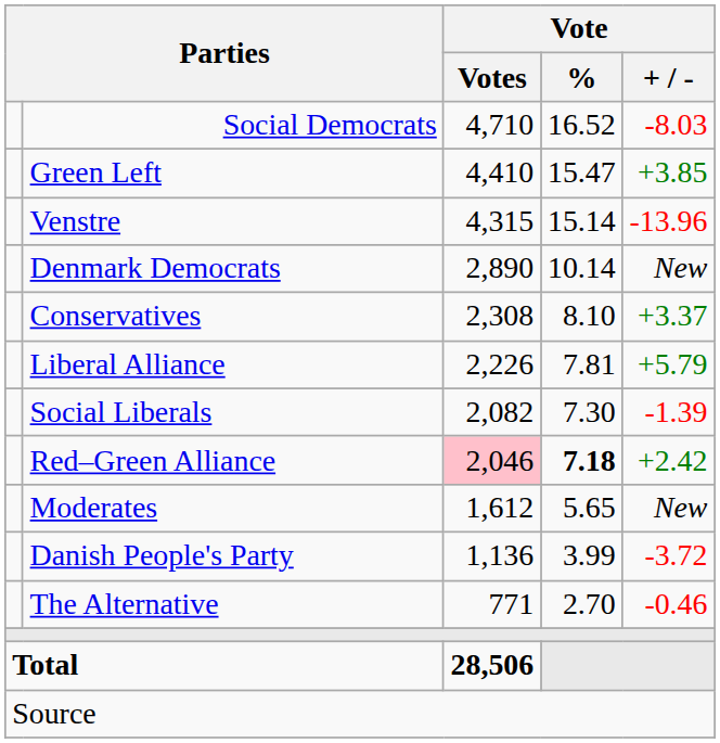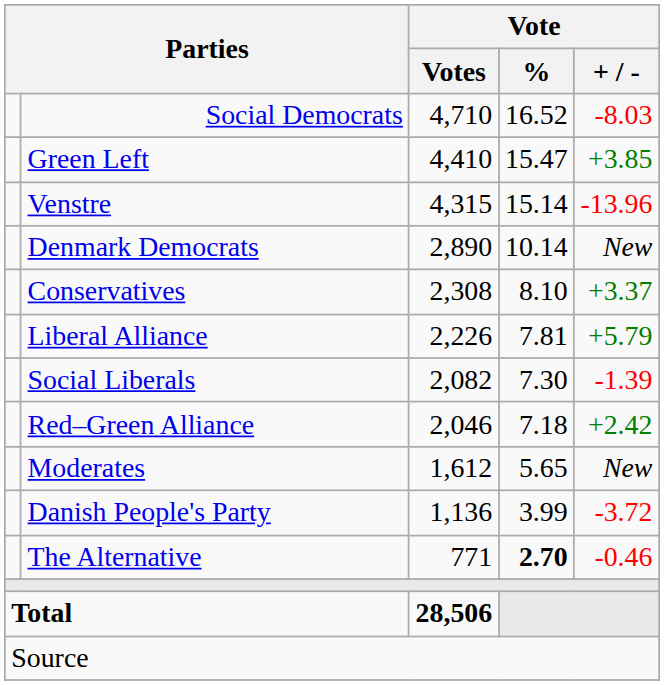 <table class="wikitable" style="text-align:right;">
 <tr>
 <th style="text-align:centre;" rowspan="2" colspan="2" width="225">Parties</th>
 <th colspan="3">Vote</th>
 </tr>
 <tr>
 <th width="15">Votes</th>
 <th width="15">%</th>
 <th width="15">+ / -</th>
 </tr>
 <tr>
 <td width=2 bgcolor=></td>
 <td><a href='#'>Social Democrats</a></td>
 <td>4,710</td>
 <td>16.52</td>
 <td style=color:red;>-8.03</td>
 </tr>
 <tr>
 <td width=2 bgcolor=></td>
 <td align=left><a href='#'>Green Left</a></td>
 <td>4,410</td>
 <td>15.47</td>
 <td style=color:green;>+3.85</td>
 </tr>
 <tr>
 <td width=2 bgcolor=></td>
 <td align=left><a href='#'>Venstre</a></td>
 <td>4,315</td>
 <td>15.14</td>
 <td style=color:red;>-13.96</td>
 </tr>
 <tr>
 <td width=2 bgcolor=></td>
 <td align=left><a href='#'>Denmark Democrats</a></td>
 <td>2,890</td>
 <td>10.14</td>
 <td><em>New</em></td>
 </tr>
 <tr>
 <td width=2 bgcolor=></td>
 <td align=left><a href='#'>Conservatives</a></td>
 <td>2,308</td>
 <td>8.10</td>
 <td style=color:green;>+3.37</td>
 </tr>
 <tr>
 <td width=2 bgcolor=></td>
 <td align=left><a href='#'>Liberal Alliance</a></td>
 <td>2,226</td>
 <td>7.81</td>
 <td style=color:green;>+5.79</td>
 </tr>
 <tr>
 <td width=2 bgcolor=></td>
 <td align=left><a href='#'>Social Liberals</a></td>
 <td>2,082</td>
 <td>7.30</td>
 <td style=color:red;>-1.39</td>
 </tr>
 <tr>
 <td width=2 bgcolor=></td>
 <td align=left><a href='#'>Red–Green Alliance</a></td>
-<td style="background: pink;">2,046</td>
-<td><strong>7.18</strong></td>
+<td>2,046</td>
+<td>7.18</td>
 <td style=color:green;>+2.42</td>
 </tr>
 <tr>
 <td width=2 bgcolor=></td>
 <td align=left><a href='#'>Moderates</a></td>
 <td>1,612</td>
 <td>5.65</td>
 <td><em>New</em></td>
 </tr>
 <tr>
 <td width=2 bgcolor=></td>
 <td align=left><a href='#'>Danish People's Party</a></td>
 <td>1,136</td>
 <td>3.99</td>
 <td style=color:red;>-3.72</td>
 </tr>
 <tr>
 <td width=2 bgcolor=></td>
 <td align=left><a href='#'>The Alternative</a></td>
 <td>771</td>
-<td>2.70</td>
+<td><strong>2.70</strong></td>
 <td style=color:red;>-0.46</td>
 </tr>
 <tr>
 <td colspan="7" bgcolor="#E9E9E9"></td>
 </tr>
 <tr>
 <td align="left" colspan="2"><strong>Total</strong></td>
 <td><strong>28,506</strong></td>
 <td bgcolor=#E9E9E9 colspan=2></td>
 </tr>
 <tr>
 <td align="left" colspan="6">Source</td>
 </tr>
 </table>
